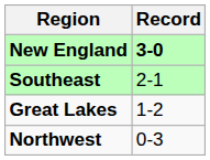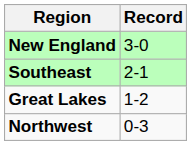 <table class="wikitable">
 <tr>
 <th>Region</th>
 <th>Record</th>
 </tr>
 <tr bgcolor=#bbffbb>
 <td><strong>New England</strong></td>
-<td><strong>3-0</strong></td>
+<td>3-0</td>
 </tr>
 <tr bgcolor=#bbffbb>
 <td><strong>Southeast</strong></td>
 <td>2-1</td>
 </tr>
 <tr>
 <td><strong>Great Lakes</strong></td>
 <td>1-2</td>
 </tr>
 <tr>
 <td><strong>Northwest</strong></td>
 <td>0-3</td>
 </tr>
 </table>
